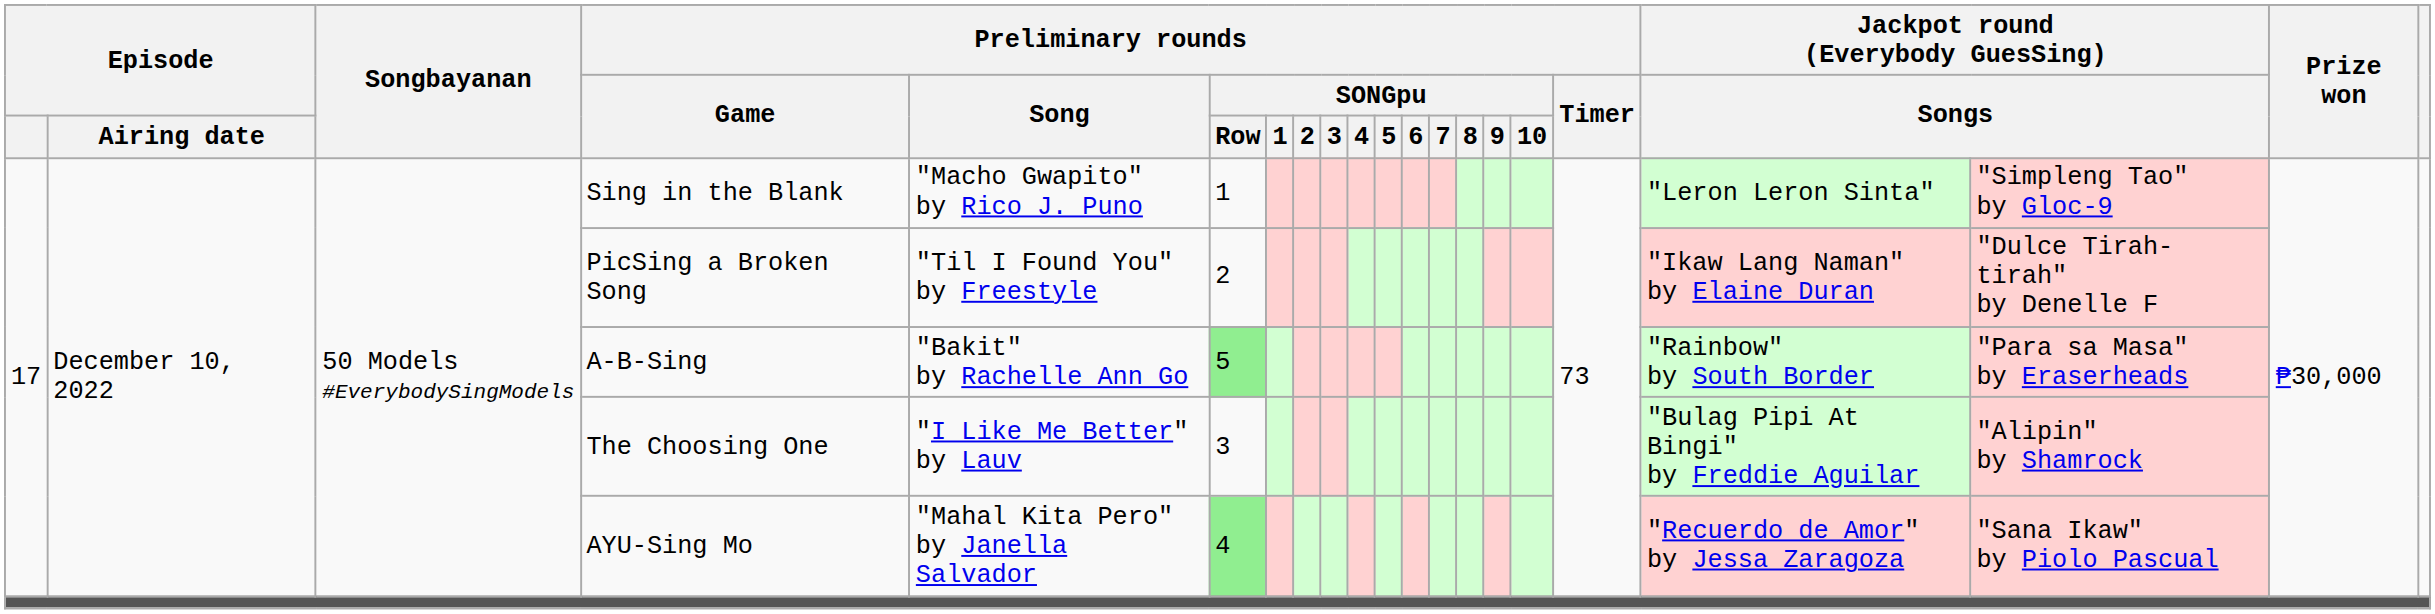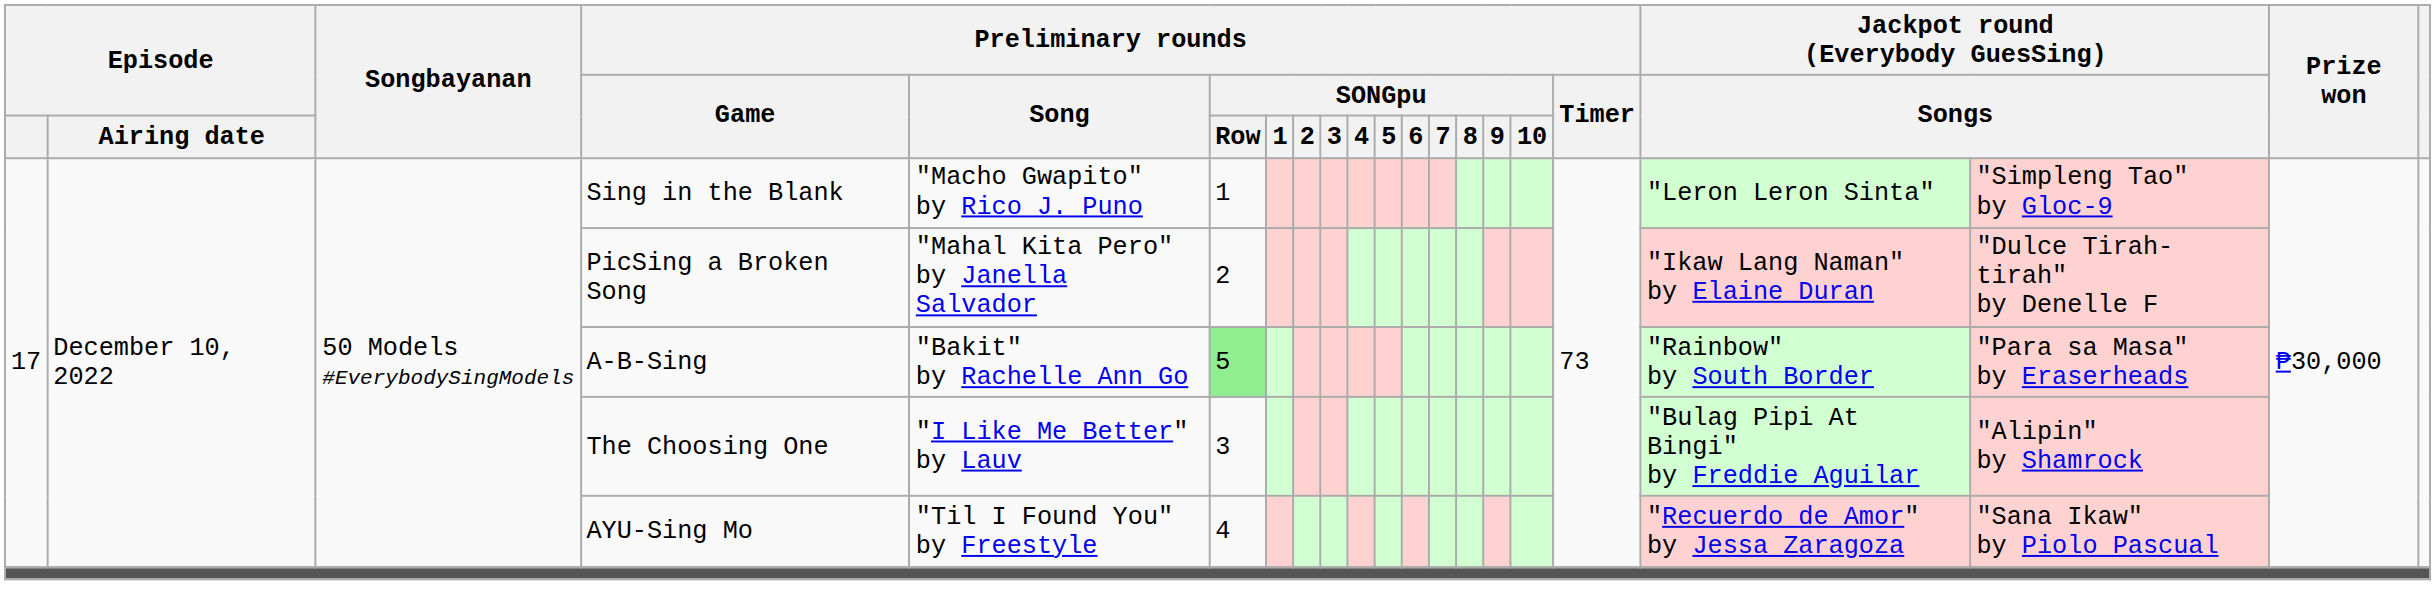 <table class="wikitable plainrowheaders mw-collapsible ">
 <tr>
 <th colspan="2" rowspan="2">Episode</th>
 <th rowspan="3">Songbayanan</th>
 <th colspan="14">Preliminary rounds</th>
 <th colspan="2">Jackpot round<br>(Everybody GuesSing)</th>
 <th rowspan="3">Prize won</th>
 <th rowspan="3"></th>
 </tr>
 <tr>
 <th rowspan="2">Game</th>
 <th rowspan="2">Song</th>
 <th colspan="11">SONGpu</th>
 <th rowspan="2">Timer</th>
 <th colspan="2" rowspan="2">Songs</th>
 </tr>
 <tr>
 <th></th>
 <th>Airing date</th>
 <th>Row</th>
 <th>1</th>
 <th>2</th>
 <th>3</th>
 <th>4</th>
 <th>5</th>
 <th>6</th>
 <th>7</th>
 <th>8</th>
 <th>9</th>
 <th>10</th>
 </tr>
 <tr>
 <td rowspan="5">17</td>
 <td rowspan="5">December 10, 2022</td>
 <td rowspan="5">50 Models<br><small><em>#EverybodySingModels</em></small></td>
 <td>Sing in the Blank</td>
 <td>"Macho Gwapito"<br>by <a href='#'>Rico J. Puno</a></td>
 <td>1</td>
 <td style="background:#FFD2D2"></td>
 <td style="background:#FFD2D2"></td>
 <td style="background:#FFD2D2"></td>
 <td style="background:#FFD2D2"></td>
 <td style="background:#FFD2D2"></td>
 <td style="background:#FFD2D2"></td>
 <td style="background:#FFD2D2"></td>
 <td style="background:#D2FFD2"></td>
 <td style="background:#D2FFD2"></td>
 <td style="background:#D2FFD2"></td>
 <td rowspan="5">73 </td>
 <td style="background:#D2FFD2">"Leron Leron Sinta"</td>
 <td style="background:#FFD2D2">"Simpleng Tao"<br>by <a href='#'>Gloc-9</a></td>
 <td rowspan="5"><a href='#'>₱</a>30,000</td>
 <td rowspan="5"></td>
 </tr>
 <tr>
 <td>PicSing a Broken Song</td>
-<td>"Til I Found You"<br>by <a href='#'>Freestyle</a></td>
+<td>"Mahal Kita Pero"<br>by <a href='#'>Janella Salvador</a></td>
 <td>2</td>
 <td style="background:#FFD2D2"></td>
 <td style="background:#FFD2D2"></td>
 <td style="background:#FFD2D2"></td>
 <td style="background:#D2FFD2"></td>
 <td style="background:#D2FFD2"></td>
 <td style="background:#D2FFD2"></td>
 <td style="background:#D2FFD2"></td>
 <td style="background:#D2FFD2"></td>
 <td style="background:#FFD2D2"></td>
 <td style="background:#FFD2D2"></td>
 <td style="background:#FFD2D2">"Ikaw Lang Naman"<br>by <a href='#'>Elaine Duran</a></td>
 <td style="background:#FFD2D2">"Dulce Tirah-tirah"<br>by Denelle F</td>
 </tr>
 <tr>
 <td>A-B-Sing</td>
 <td>"Bakit"<br>by <a href='#'>Rachelle Ann Go</a></td>
 <td style="background: lightgreen;">5</td>
 <td style="background:#D2FFD2"></td>
 <td style="background:#FFD2D2"></td>
 <td style="background:#FFD2D2"></td>
 <td style="background:#FFD2D2"></td>
 <td style="background:#FFD2D2"></td>
 <td style="background:#D2FFD2"></td>
 <td style="background:#D2FFD2"></td>
 <td style="background:#D2FFD2"></td>
 <td style="background:#D2FFD2"></td>
 <td style="background:#D2FFD2"></td>
 <td style="background:#D2FFD2">"Rainbow"<br>by <a href='#'>South Border</a></td>
 <td style="background:#FFD2D2">"Para sa Masa"<br>by <a href='#'>Eraserheads</a></td>
 </tr>
 <tr>
 <td>The Choosing One</td>
 <td>"<a href='#'>I Like Me Better</a>"<br>by <a href='#'>Lauv</a></td>
 <td>3</td>
 <td style="background:#D2FFD2"></td>
 <td style="background:#FFD2D2"></td>
 <td style="background:#FFD2D2"></td>
 <td style="background:#D2FFD2"></td>
 <td style="background:#D2FFD2"></td>
 <td style="background:#D2FFD2"></td>
 <td style="background:#D2FFD2"></td>
 <td style="background:#D2FFD2"></td>
 <td style="background:#D2FFD2"></td>
 <td style="background:#D2FFD2"></td>
 <td style="background:#D2FFD2">"Bulag Pipi At Bingi"<br>by <a href='#'>Freddie Aguilar</a></td>
 <td style="background:#FFD2D2">"Alipin"<br>by <a href='#'>Shamrock</a></td>
 </tr>
 <tr>
 <td>AYU-Sing Mo</td>
-<td>"Mahal Kita Pero"<br>by <a href='#'>Janella Salvador</a></td>
-<td style="background: lightgreen;">4</td>
+<td>"Til I Found You"<br>by <a href='#'>Freestyle</a></td>
+<td>4</td>
 <td style="background:#FFD2D2"></td>
 <td style="background:#D2FFD2"></td>
 <td style="background:#D2FFD2"></td>
 <td style="background:#FFD2D2"></td>
 <td style="background:#D2FFD2"></td>
 <td style="background:#FFD2D2"></td>
 <td style="background:#D2FFD2"></td>
 <td style="background:#D2FFD2"></td>
 <td style="background:#FFD2D2"></td>
 <td style="background:#D2FFD2"></td>
 <td style="background:#FFD2D2">"<a href='#'>Recuerdo de Amor</a>"<br>by <a href='#'>Jessa Zaragoza</a></td>
 <td style="background:#FFD2D2">"Sana Ikaw"<br>by <a href='#'>Piolo Pascual</a></td>
 </tr>
 <tr>
 <th colspan="21" style="background:#555;"></th>
 </tr>
 <tr>
 </tr>
 </table>
